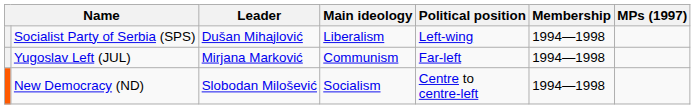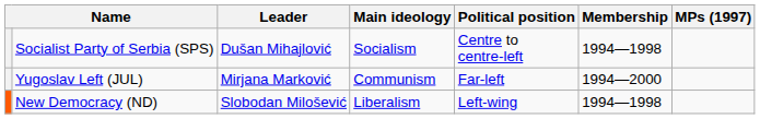 <table class="wikitable" style="text-align; font-size:90%;">
 <tr>
 <th colspan="2">Name</th>
 <th>Leader</th>
 <th>Main ideology</th>
 <th>Political position</th>
 <th>Membership</th>
 <th>MPs (1997)</th>
 </tr>
 <tr>
 <th style="background-color:"></th>
 <td><a href='#'>Socialist Party of Serbia</a> (SPS)</td>
 <td><a href='#'>Dušan Mihajlović</a></td>
-<td><a href='#'>Liberalism</a></td>
-<td><a href='#'>Left-wing</a></td>
+<td><a href='#'>Socialism</a></td>
+<td><a href='#'>Centre</a> to<br><a href='#'>centre-left</a></td>
 <td>1994—1998</td>
 <td></td>
 </tr>
 <tr>
 <th style="background-color:"></th>
 <td><a href='#'>Yugoslav Left</a> (JUL)</td>
 <td><a href='#'>Mirjana Marković</a></td>
 <td><a href='#'>Communism</a></td>
 <td><a href='#'>Far-left</a></td>
-<td>1994—1998</td>
+<td>1994—2000</td>
 <td></td>
 </tr>
 <tr>
 <th style="background-color:#FF5900; color:white"></th>
 <td><a href='#'>New Democracy</a> (ND)</td>
 <td><a href='#'>Slobodan Milošević</a></td>
-<td><a href='#'>Socialism</a></td>
-<td><a href='#'>Centre</a> to<br><a href='#'>centre-left</a></td>
+<td><a href='#'>Liberalism</a></td>
+<td><a href='#'>Left-wing</a></td>
 <td>1994—1998</td>
 <td></td>
 </tr>
 </table>
